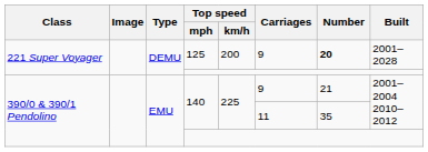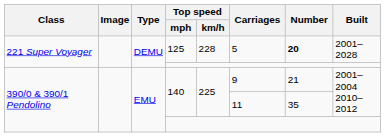 <table class="wikitable">
 <tr style="background:#f9f9f9;">
 <th rowspan="2"> Class </th>
 <th rowspan="2">Image</th>
 <th rowspan="2"> Type </th>
 <th colspan="2"> Top speed </th>
 <th rowspan="2"> Carriages </th>
 <th rowspan="2"> Number </th>
 <th rowspan="2"> Built </th>
 </tr>
 <tr style="background:#f9f9f9;">
 <th> mph </th>
 <th> km/h </th>
 </tr>
 <tr>
 <td rowspan="2"><a href='#'>221 <em>Super Voyager</em></a></td>
 <td rowspan="2"></td>
 <td rowspan="2"><a href='#'>DEMU</a></td>
 <td>125</td>
-<td>200</td>
-<td>9</td>
+<td>228</td>
+<td>5</td>
 <td><strong>20</strong></td>
 <td>2001–2028</td>
 </tr>
 <tr>
 <td colspan="5"></td>
 </tr>
 <tr>
 <td rowspan="3"><a href='#'>390/0 & 390/1 <em>Pendolino</em></a></td>
 <td rowspan="3"><br></td>
 <td rowspan="3"><a href='#'>EMU</a></td>
 <td rowspan="2">140</td>
 <td rowspan="2">225</td>
 <td>9</td>
 <td>21</td>
 <td rowspan="2">2001–2004<br>2010–2012</td>
 </tr>
 <tr>
 <td>11</td>
 <td>35</td>
 </tr>
 <tr>
 <td colspan="5"><br>  </td>
 </tr>
 </table>
